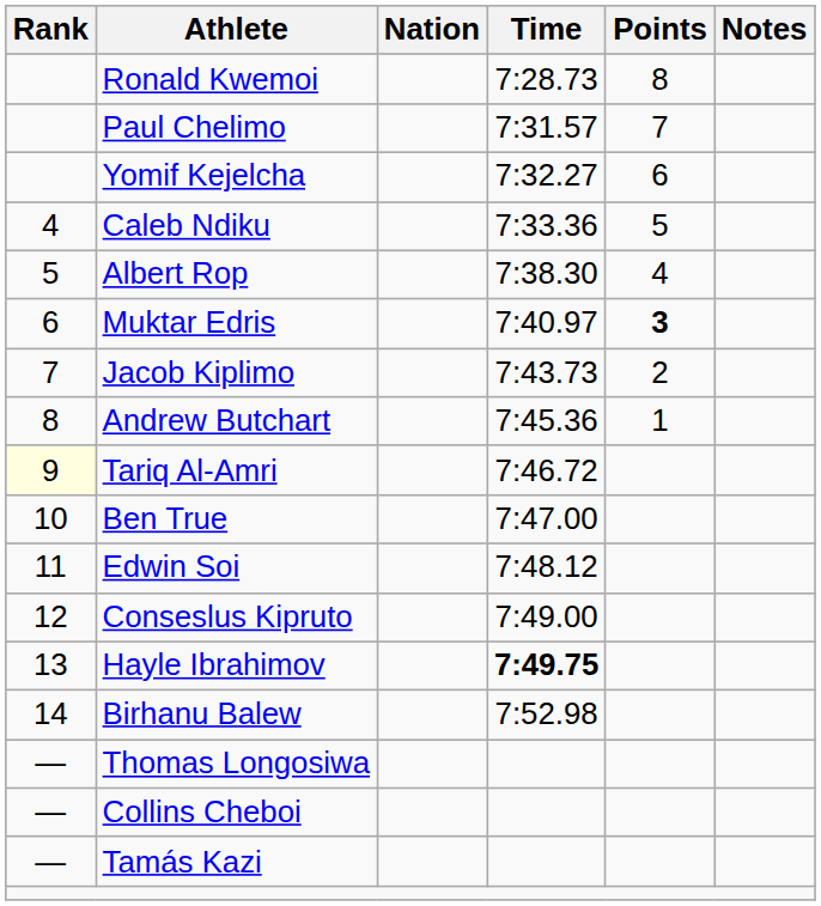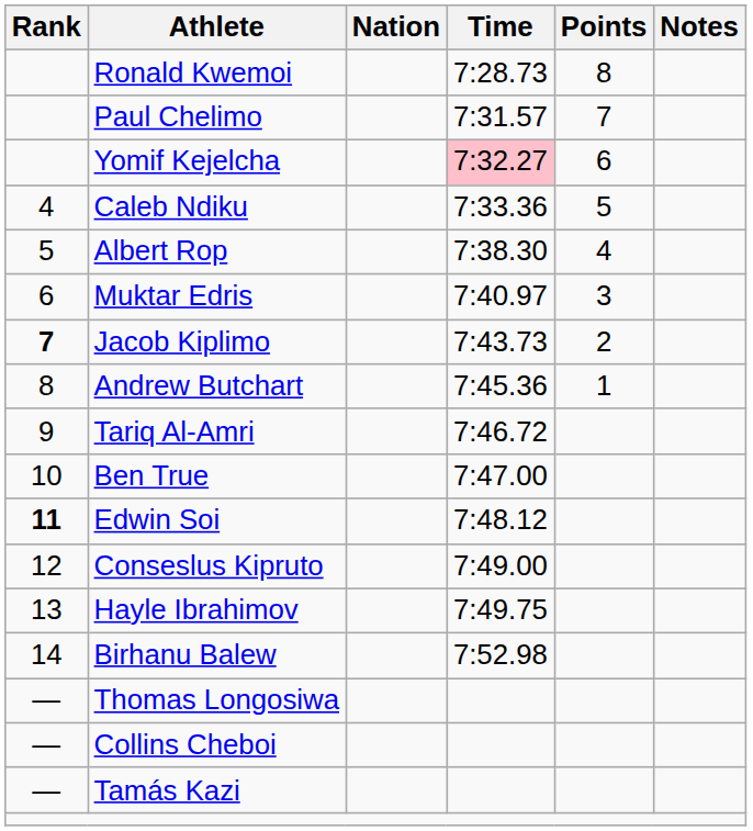 <table class="wikitable mw-datatable sortable" style="text-align:center;">
 <tr>
 <th>Rank</th>
 <th>Athlete</th>
 <th>Nation</th>
 <th>Time</th>
 <th>Points</th>
 <th>Notes</th>
 </tr>
 <tr>
 <td></td>
 <td align=left><a href='#'>Ronald Kwemoi</a></td>
 <td align=left></td>
 <td>7:28.73</td>
 <td>8</td>
 <td></td>
 </tr>
 <tr>
 <td></td>
 <td align=left><a href='#'>Paul Chelimo</a></td>
 <td align=left></td>
 <td>7:31.57</td>
 <td>7</td>
 <td></td>
 </tr>
 <tr>
 <td></td>
 <td align=left><a href='#'>Yomif Kejelcha</a></td>
 <td align=left></td>
-<td>7:32.27</td>
+<td style="background: pink;">7:32.27</td>
 <td>6</td>
 <td></td>
 </tr>
 <tr>
 <td>4</td>
 <td align=left><a href='#'>Caleb Ndiku</a></td>
 <td align=left></td>
 <td>7:33.36</td>
 <td>5</td>
 <td></td>
 </tr>
 <tr>
 <td>5</td>
 <td align=left><a href='#'>Albert Rop</a></td>
 <td align=left></td>
 <td>7:38.30</td>
 <td>4</td>
 <td></td>
 </tr>
 <tr>
 <td>6</td>
 <td align=left><a href='#'>Muktar Edris</a></td>
 <td align=left></td>
 <td>7:40.97</td>
-<td><strong>3</strong></td>
+<td>3</td>
 <td></td>
 </tr>
 <tr>
-<td>7</td>
+<td><strong>7</strong></td>
 <td align=left><a href='#'>Jacob Kiplimo</a></td>
 <td align=left></td>
 <td>7:43.73</td>
 <td>2</td>
 <td></td>
 </tr>
 <tr>
 <td>8</td>
 <td align=left><a href='#'>Andrew Butchart</a></td>
 <td align=left></td>
 <td>7:45.36</td>
 <td>1</td>
 <td></td>
 </tr>
 <tr>
-<td style="background: lightyellow;">9</td>
+<td>9</td>
 <td align=left><a href='#'>Tariq Al-Amri</a></td>
 <td align=left></td>
 <td>7:46.72</td>
 <td></td>
 <td></td>
 </tr>
 <tr>
 <td>10</td>
 <td align=left><a href='#'>Ben True</a></td>
 <td align=left></td>
 <td>7:47.00</td>
 <td></td>
 <td></td>
 </tr>
 <tr>
-<td>11</td>
+<td><strong>11</strong></td>
 <td align=left><a href='#'>Edwin Soi</a></td>
 <td align=left></td>
 <td>7:48.12</td>
 <td></td>
 <td></td>
 </tr>
 <tr>
 <td>12</td>
 <td align=left><a href='#'>Conseslus Kipruto</a></td>
 <td align=left></td>
 <td>7:49.00</td>
 <td></td>
 <td></td>
 </tr>
 <tr>
 <td>13</td>
 <td align=left><a href='#'>Hayle Ibrahimov</a></td>
 <td align=left></td>
-<td><strong>7:49.75</strong></td>
+<td>7:49.75</td>
 <td></td>
 <td></td>
 </tr>
 <tr>
 <td>14</td>
 <td align=left><a href='#'>Birhanu Balew</a></td>
 <td align=left></td>
 <td>7:52.98</td>
 <td></td>
 <td></td>
 </tr>
 <tr>
 <td>—</td>
 <td align=left><a href='#'>Thomas Longosiwa</a></td>
 <td align=left></td>
 <td></td>
 <td></td>
 <td></td>
 </tr>
 <tr>
 <td>—</td>
 <td align=left><a href='#'>Collins Cheboi</a></td>
 <td align=left></td>
 <td></td>
 <td></td>
 <td></td>
 </tr>
 <tr>
 <td>—</td>
 <td align=left><a href='#'>Tamás Kazi</a></td>
 <td align=left></td>
 <td></td>
 <td></td>
 <td></td>
 </tr>
 <tr class="sortbottom">
 <td colspan=6></td>
 </tr>
 </table>
